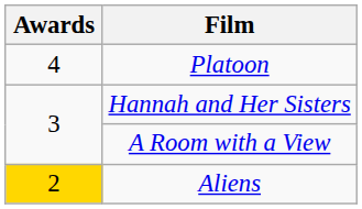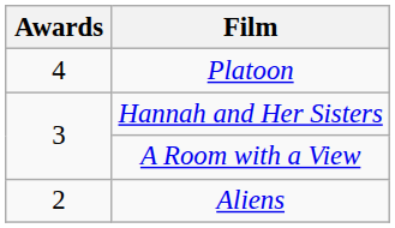 <table class="wikitable" style="text-align: center;">
 <tr>
 <th scope="col" width="55">Awards</th>
 <th scope="col" align="center">Film</th>
 </tr>
 <tr>
 <td style="text-align: center;">4</td>
 <td><em><a href='#'>Platoon</a></em></td>
 </tr>
 <tr>
 <td rowspan=2 style="text-align:center">3</td>
 <td><em><a href='#'>Hannah and Her Sisters</a></em></td>
 </tr>
 <tr>
 <td><em><a href='#'>A Room with a View</a></em></td>
 </tr>
 <tr>
-<td style="background: gold; text-align: center;">2</td>
+<td style="text-align: center;">2</td>
 <td><em><a href='#'>Aliens</a></em></td>
 </tr>
 </table>
